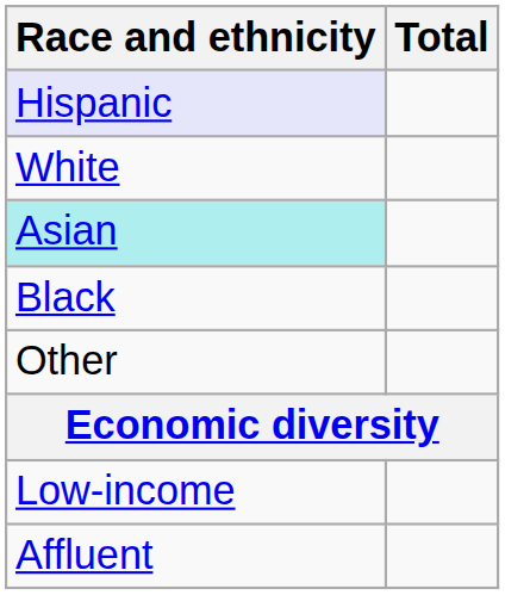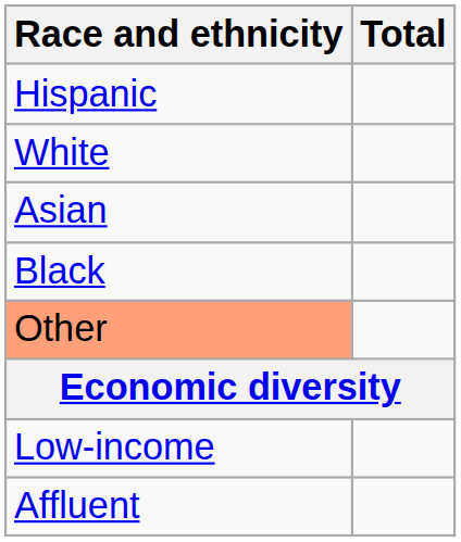 <table class="wikitable floatright sortable collapsible"; text-align:right; font-size:80%;">
 <tr>
 <th>Race and ethnicity</th>
 <th colspan="2" data-sort-type=number>Total</th>
 </tr>
 <tr>
-<td style="background: lavender;"><a href='#'>Hispanic</a></td>
+<td><a href='#'>Hispanic</a></td>
 <td align=right></td>
 </tr>
 <tr>
 <td><a href='#'>White</a></td>
 <td align=right></td>
 </tr>
 <tr>
-<td style="background: paleturquoise;"><a href='#'>Asian</a></td>
+<td><a href='#'>Asian</a></td>
 <td align=right></td>
 </tr>
 <tr>
 <td><a href='#'>Black</a></td>
 <td align=right></td>
 </tr>
 <tr>
-<td>Other</td>
+<td style="background: lightsalmon;">Other</td>
 <td align=right></td>
 </tr>
 <tr>
 <th colspan="4" data-sort-type=number><a href='#'>Economic diversity</a></th>
 </tr>
 <tr>
 <td><a href='#'>Low-income</a></td>
 <td align=right></td>
 </tr>
 <tr>
 <td><a href='#'>Affluent</a></td>
 <td align=right></td>
 </tr>
 </table>
